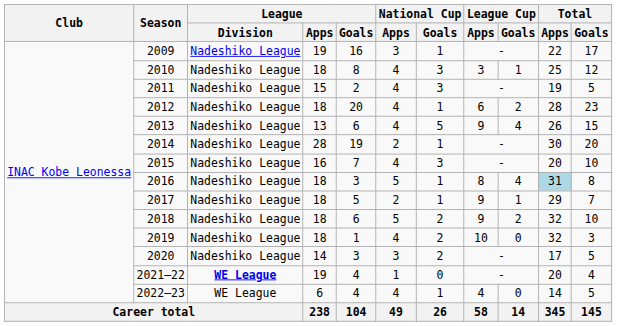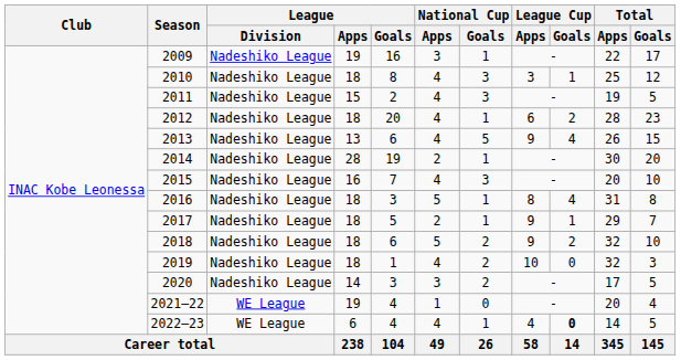 <table class="wikitable" style="text-align:center">
 <tr>
 <th rowspan="2">Club</th>
 <th rowspan="2">Season</th>
 <th colspan="3">League</th>
 <th colspan="2">National Cup</th>
 <th colspan="2">League Cup</th>
 <th colspan="2">Total</th>
 </tr>
 <tr>
 <th>Division</th>
 <th>Apps</th>
 <th>Goals</th>
 <th>Apps</th>
 <th>Goals</th>
 <th>Apps</th>
 <th>Goals</th>
 <th>Apps</th>
 <th>Goals</th>
 </tr>
 <tr>
 <td rowspan="14"><a href='#'>INAC Kobe Leonessa</a></td>
 <td>2009</td>
 <td><a href='#'>Nadeshiko League</a></td>
 <td>19</td>
 <td>16</td>
 <td>3</td>
 <td>1</td>
 <td colspan="2">-</td>
 <td>22</td>
 <td>17</td>
 </tr>
 <tr>
 <td>2010</td>
 <td>Nadeshiko League</td>
 <td>18</td>
 <td>8</td>
 <td>4</td>
 <td>3</td>
 <td>3</td>
 <td>1</td>
 <td>25</td>
 <td>12</td>
 </tr>
 <tr>
 <td>2011</td>
 <td>Nadeshiko League</td>
 <td>15</td>
 <td>2</td>
 <td>4</td>
 <td>3</td>
 <td colspan="2">-</td>
 <td>19</td>
 <td>5</td>
 </tr>
 <tr>
 <td>2012</td>
 <td>Nadeshiko League</td>
 <td>18</td>
 <td>20</td>
 <td>4</td>
 <td>1</td>
 <td>6</td>
 <td>2</td>
 <td>28</td>
 <td>23</td>
 </tr>
 <tr>
 <td>2013</td>
 <td>Nadeshiko League</td>
 <td>13</td>
 <td>6</td>
 <td>4</td>
 <td>5</td>
 <td>9</td>
 <td>4</td>
 <td>26</td>
 <td>15</td>
 </tr>
 <tr>
 <td>2014</td>
 <td>Nadeshiko League</td>
 <td>28</td>
 <td>19</td>
 <td>2</td>
 <td>1</td>
 <td colspan="2">-</td>
 <td>30</td>
 <td>20</td>
 </tr>
 <tr>
 <td>2015</td>
 <td>Nadeshiko League</td>
 <td>16</td>
 <td>7</td>
 <td>4</td>
 <td>3</td>
 <td colspan="2">-</td>
 <td>20</td>
 <td>10</td>
 </tr>
 <tr>
 <td>2016</td>
 <td>Nadeshiko League</td>
 <td>18</td>
 <td>3</td>
 <td>5</td>
 <td>1</td>
 <td>8</td>
 <td>4</td>
-<td style="background: lightblue;">31</td>
+<td>31</td>
 <td>8</td>
 </tr>
 <tr>
 <td>2017</td>
 <td>Nadeshiko League</td>
 <td>18</td>
 <td>5</td>
 <td>2</td>
 <td>1</td>
 <td>9</td>
 <td>1</td>
 <td>29</td>
 <td>7</td>
 </tr>
 <tr>
 <td>2018</td>
 <td>Nadeshiko League</td>
 <td>18</td>
 <td>6</td>
 <td>5</td>
 <td>2</td>
 <td>9</td>
 <td>2</td>
 <td>32</td>
 <td>10</td>
 </tr>
 <tr>
 <td>2019</td>
 <td>Nadeshiko League</td>
 <td>18</td>
 <td>1</td>
 <td>4</td>
 <td>2</td>
 <td>10</td>
 <td>0</td>
 <td>32</td>
 <td>3</td>
 </tr>
 <tr>
 <td>2020</td>
 <td>Nadeshiko League</td>
 <td>14</td>
 <td>3</td>
 <td>3</td>
 <td>2</td>
 <td colspan="2">-</td>
 <td>17</td>
 <td>5</td>
 </tr>
 <tr>
 <td>2021–22</td>
-<td><strong><a href='#'>WE League</a></strong></td>
+<td><a href='#'>WE League</a></td>
 <td>19</td>
 <td>4</td>
 <td>1</td>
 <td>0</td>
 <td colspan="2">-</td>
 <td>20</td>
 <td>4</td>
 </tr>
 <tr>
 <td>2022–23</td>
 <td>WE League</td>
 <td>6</td>
 <td>4</td>
 <td>4</td>
 <td>1</td>
 <td>4</td>
-<td>0</td>
+<td><strong>0</strong></td>
 <td>14</td>
 <td>5</td>
 </tr>
 <tr>
 <th colspan="3">Career total</th>
 <th>238</th>
 <th>104</th>
 <th>49</th>
 <th>26</th>
 <th>58</th>
 <th>14</th>
 <th>345</th>
 <th>145</th>
 </tr>
 </table>
